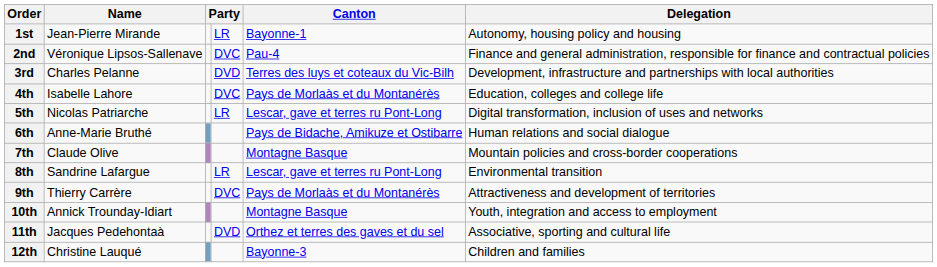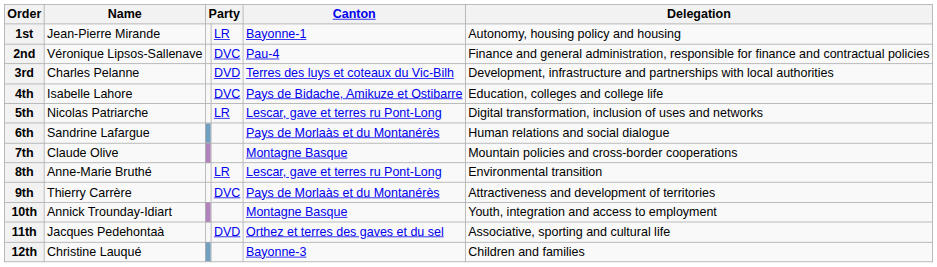 <table class="wikitable sortable">
 <tr>
 <th>Order</th>
 <th>Name</th>
 <th colspan="2">Party</th>
 <th><a href='#'>Canton</a></th>
 <th>Delegation</th>
 </tr>
 <tr>
 <th>1st</th>
 <td>Jean-Pierre Mirande</td>
 <td style="background-color: "></td>
 <td><a href='#'>LR</a></td>
 <td><a href='#'>Bayonne-1</a></td>
 <td>Autonomy, housing policy and housing</td>
 </tr>
 <tr>
 <th>2nd</th>
 <td>Véronique Lipsos-Sallenave</td>
 <td style="background-color: "></td>
 <td><a href='#'>DVC</a></td>
 <td><a href='#'>Pau-4</a></td>
 <td>Finance and general administration, responsible for finance and contractual policies</td>
 </tr>
 <tr>
 <th>3rd</th>
 <td>Charles Pelanne</td>
 <td style="background-color: "></td>
 <td><a href='#'>DVD</a></td>
 <td><a href='#'>Terres des luys et coteaux du Vic-Bilh</a></td>
 <td>Development, infrastructure and partnerships with local authorities</td>
 </tr>
 <tr>
 <th>4th</th>
 <td>Isabelle Lahore</td>
 <td style="background-color: "></td>
 <td><a href='#'>DVC</a></td>
-<td><a href='#'>Pays de Morlaàs et du Montanérès</a></td>
+<td><a href='#'>Pays de Bidache, Amikuze et Ostibarre</a></td>
 <td>Education, colleges and college life</td>
 </tr>
 <tr>
 <th>5th</th>
 <td>Nicolas Patriarche</td>
 <td style="background-color: "></td>
 <td><a href='#'>LR</a></td>
 <td><a href='#'>Lescar, gave et terres ru Pont-Long</a></td>
 <td>Digital transformation, inclusion of uses and networks</td>
 </tr>
 <tr>
 <th>6th</th>
-<td>Anne-Marie Bruthé</td>
+<td>Sandrine Lafargue</td>
 <td style="background-color:#72A0C1"></td>
 <td></td>
-<td><a href='#'>Pays de Bidache, Amikuze et Ostibarre</a></td>
+<td><a href='#'>Pays de Morlaàs et du Montanérès</a></td>
 <td>Human relations and social dialogue</td>
 </tr>
 <tr>
 <th>7th</th>
 <td>Claude Olive</td>
 <td style="background-color:#B284BE"></td>
 <td></td>
 <td><a href='#'>Montagne Basque</a></td>
 <td>Mountain policies and cross-border cooperations</td>
 </tr>
 <tr>
 <th>8th</th>
-<td>Sandrine Lafargue</td>
+<td>Anne-Marie Bruthé</td>
 <td style="background-color: "></td>
 <td><a href='#'>LR</a></td>
 <td><a href='#'>Lescar, gave et terres ru Pont-Long</a></td>
 <td>Environmental transition</td>
 </tr>
 <tr>
 <th>9th</th>
 <td>Thierry Carrère</td>
 <td style="background-color: "></td>
 <td><a href='#'>DVC</a></td>
 <td><a href='#'>Pays de Morlaàs et du Montanérès</a></td>
 <td>Attractiveness and development of territories</td>
 </tr>
 <tr>
 <th>10th</th>
 <td>Annick Trounday-Idiart</td>
 <td style="background-color:#B284BE"></td>
 <td></td>
 <td><a href='#'>Montagne Basque</a></td>
 <td>Youth, integration and access to employment</td>
 </tr>
 <tr>
 <th>11th</th>
 <td>Jacques Pedehontaà</td>
 <td style="background-color: "></td>
 <td><a href='#'>DVD</a></td>
 <td><a href='#'>Orthez et terres des gaves et du sel</a></td>
 <td>Associative, sporting and cultural life</td>
 </tr>
 <tr>
 <th>12th</th>
 <td>Christine Lauqué</td>
 <td style="background-color:#72A0C1"></td>
 <td></td>
 <td><a href='#'>Bayonne-3</a></td>
 <td>Children and families</td>
 </tr>
 </table>
